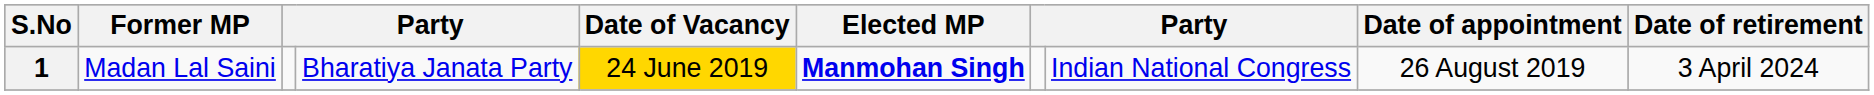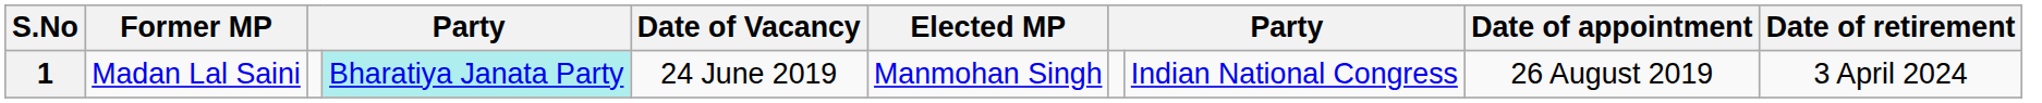 <table class="wikitable sortable">
 <tr>
 <th>S.No</th>
 <th>Former MP</th>
 <th colspan=2>Party</th>
 <th>Date of Vacancy</th>
 <th>Elected MP</th>
 <th colspan=2>Party</th>
 <th>Date of appointment</th>
 <th>Date of retirement</th>
 </tr>
 <tr style="text-align:center;">
 <th>1</th>
 <td><a href='#'>Madan Lal Saini</a></td>
 <td width="1"></td>
-<td><a href='#'>Bharatiya Janata Party</a></td>
-<td style="background: gold;">24 June 2019</td>
-<td><strong><a href='#'>Manmohan Singh</a></strong></td>
+<td style="background: paleturquoise;"><a href='#'>Bharatiya Janata Party</a></td>
+<td>24 June 2019</td>
+<td><a href='#'>Manmohan Singh</a></td>
 <td width="1"></td>
 <td><a href='#'>Indian National Congress</a></td>
 <td>26 August 2019</td>
 <td>3 April 2024</td>
 </tr>
 </table>
